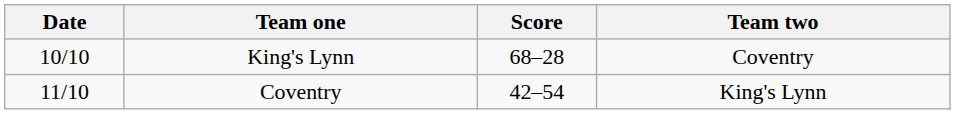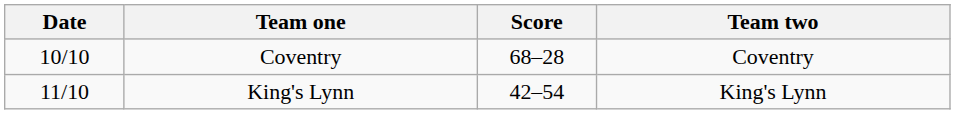 <table class="wikitable" style="text-align: center">
 <tr>
 <th width=80>Date</th>
 <th width=250>Team one</th>
 <th width=80>Score</th>
 <th width=250>Team two</th>
 </tr>
 <tr>
 <td>10/10</td>
-<td>King's Lynn</td>
+<td>Coventry</td>
 <td>68–28</td>
 <td>Coventry</td>
 </tr>
 <tr>
 <td>11/10</td>
-<td>Coventry</td>
+<td>King's Lynn</td>
 <td>42–54</td>
 <td>King's Lynn</td>
 </tr>
 </table>
